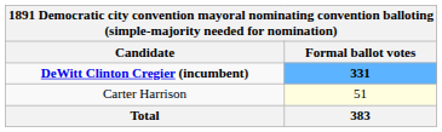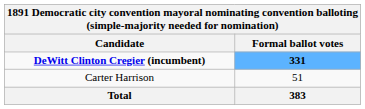 <table class="wikitable sortable" style="text-align:center">
 <tr>
 <th colspan="8"><strong>1891 Democratic city convention mayoral nominating convention balloting<br>(simple-majority needed for nomination)</strong></th>
 </tr>
 <tr>
 <th>Candidate</th>
 <th>Formal ballot votes</th>
 </tr>
 <tr>
 <td><strong><a href='#'>DeWitt Clinton Cregier</a> (incumbent)</strong></td>
 <td style="background:#5cb3ff"><strong>331</strong></td>
 </tr>
 <tr>
 <td>Carter Harrison</td>
-<td style="background: lightyellow;">51</td>
+<td>51</td>
 </tr>
 <tr>
 <th>Total</th>
 <th>383</th>
 </tr>
 </table>
